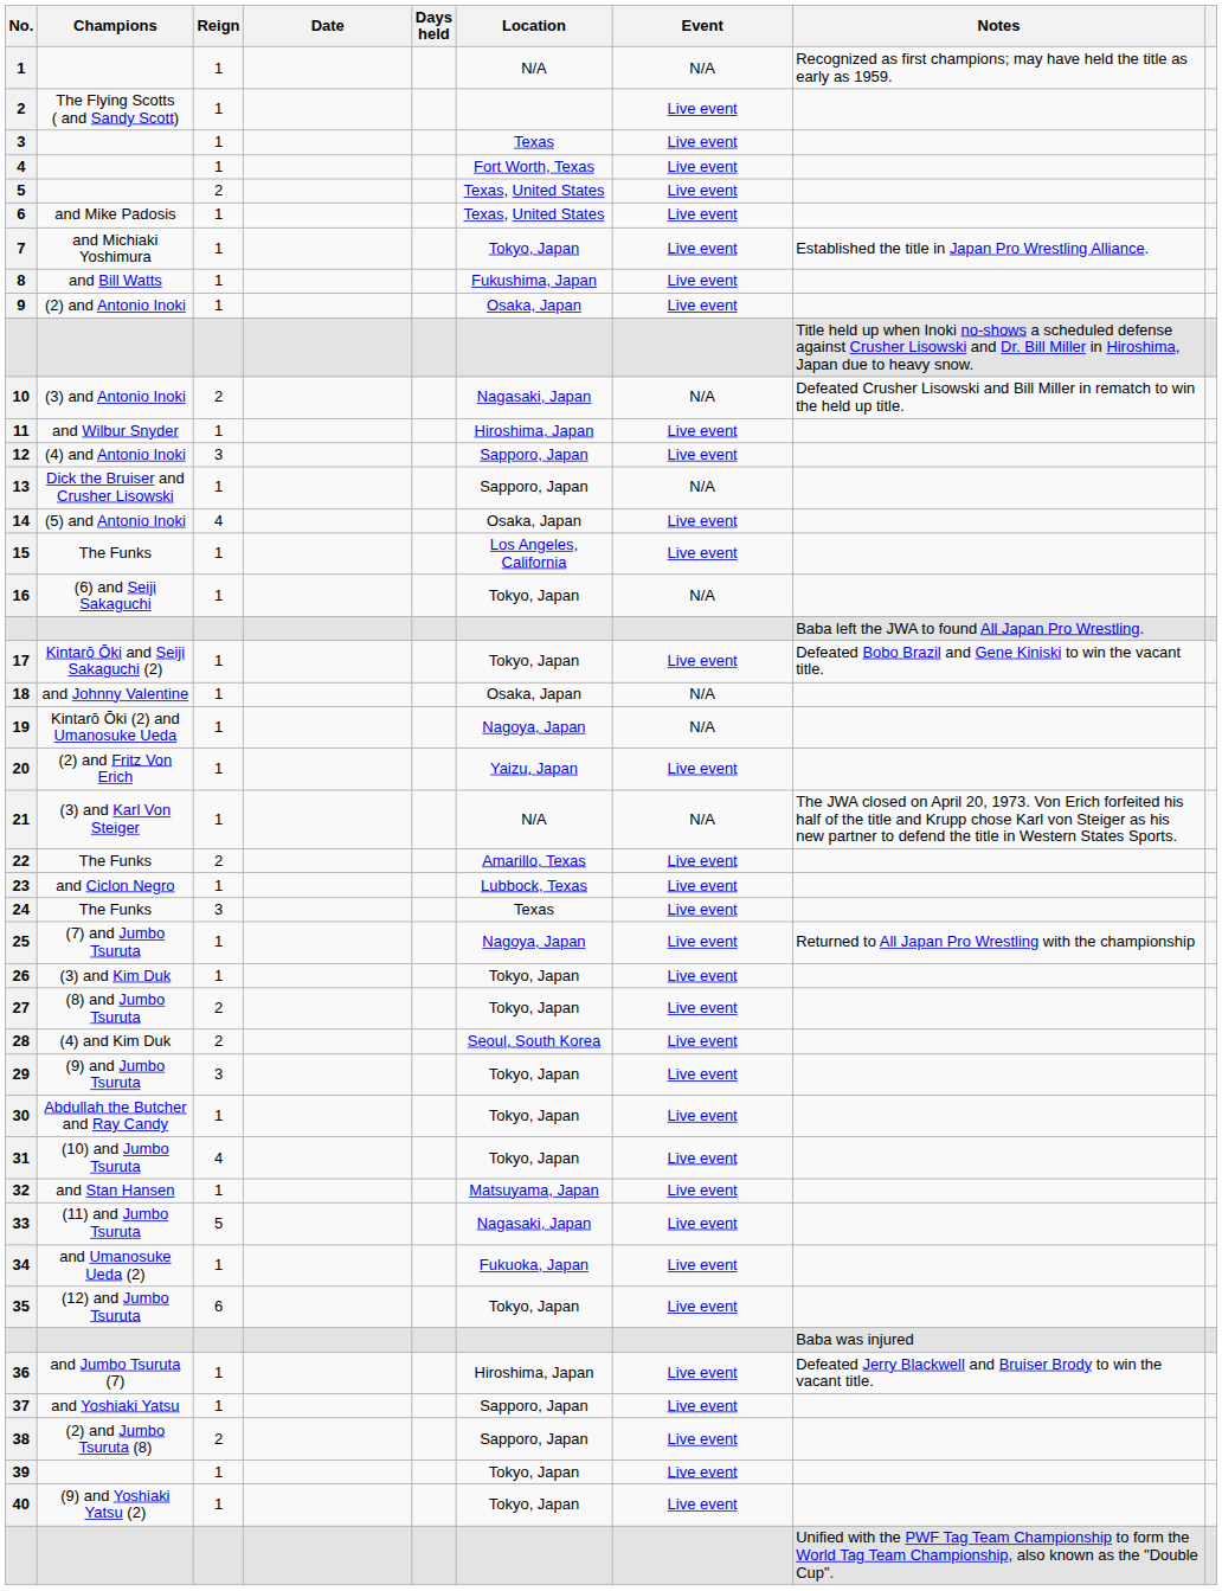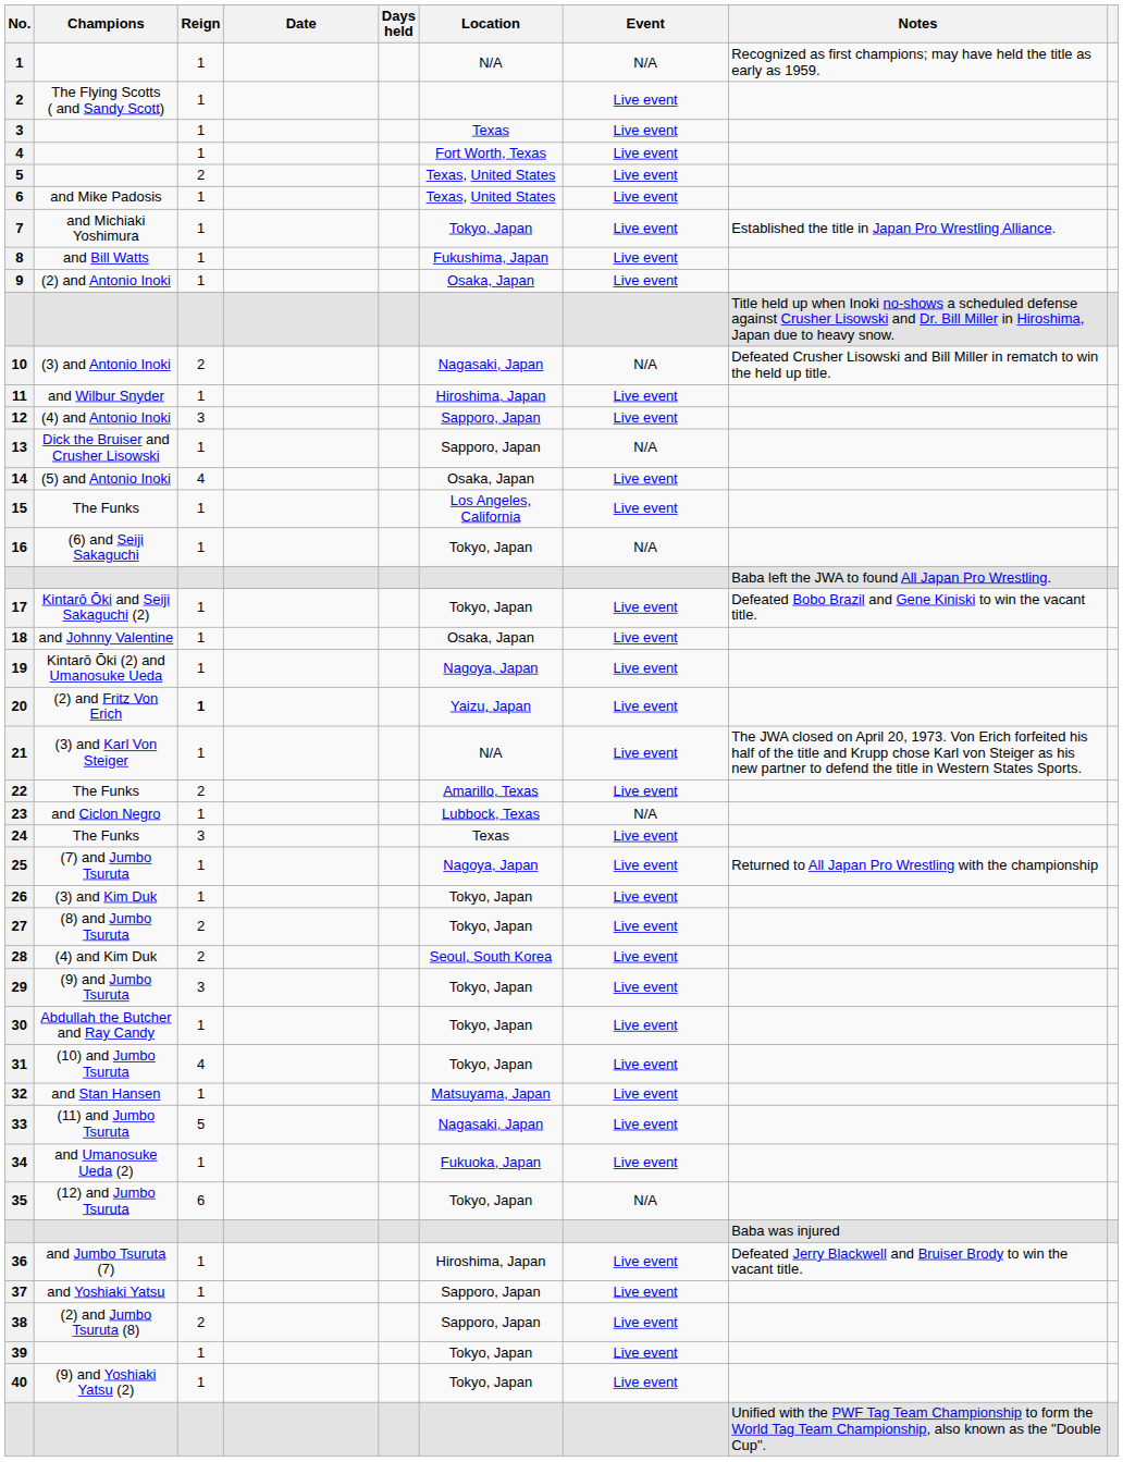 <table class="wikitable sortable" style="text-align: center" width=100%>
 <tr>
 <th width=0 data-sort-type="number" scope="col">No.</th>
 <th width=14% scope="col">Champions</th>
 <th width=0 scope="col">Reign</th>
 <th width=16% scope="col">Date</th>
 <th width=0 data-sort-type="number" scope="col">Days held</th>
 <th width=14% scope="col">Location</th>
 <th width=17% scope="col">Event</th>
 <th width=51% class="unsortable" scope="col">Notes</th>
 <th width=0 class="unsortable" scope="col"></th>
 </tr>
 <tr>
 <th scope=row>1</th>
 <td><br></td>
 <td>1</td>
 <td></td>
 <td></td>
 <td>N/A</td>
 <td>N/A</td>
 <td align=left>Recognized as first champions; may have held the title as early as 1959.</td>
 <td> </td>
 </tr>
 <tr>
 <th scope=row>2</th>
 <td>The Flying Scotts<br> ( and <a href='#'>Sandy Scott</a>)</td>
 <td>1</td>
 <td></td>
 <td></td>
 <td></td>
 <td><a href='#'>Live event</a></td>
 <td align=left> </td>
 <td> </td>
 </tr>
 <tr>
 <th scope=row>3</th>
 <td></td>
 <td>1</td>
 <td></td>
 <td></td>
 <td><a href='#'>Texas</a></td>
 <td><a href='#'>Live event</a></td>
 <td align=left> </td>
 <td> </td>
 </tr>
 <tr>
 <th scope=row>4</th>
 <td></td>
 <td>1</td>
 <td></td>
 <td></td>
 <td><a href='#'>Fort Worth, Texas</a></td>
 <td><a href='#'>Live event</a></td>
 <td align=left> </td>
 <td> </td>
 </tr>
 <tr>
 <th scope=row>5</th>
 <td></td>
 <td>2</td>
 <td></td>
 <td></td>
 <td><a href='#'>Texas</a>, <a href='#'>United States</a></td>
 <td><a href='#'>Live event</a></td>
 <td align=left> </td>
 <td> </td>
 </tr>
 <tr>
 <th scope=row>6</th>
 <td> and Mike Padosis</td>
 <td>1</td>
 <td></td>
 <td></td>
 <td><a href='#'>Texas</a>, <a href='#'>United States</a></td>
 <td><a href='#'>Live event</a></td>
 <td align=left> </td>
 <td> </td>
 </tr>
 <tr>
 <th scope=row>7</th>
 <td> and Michiaki Yoshimura</td>
 <td>1</td>
 <td></td>
 <td></td>
 <td><a href='#'>Tokyo, Japan</a></td>
 <td><a href='#'>Live event</a></td>
 <td align=left>Established the title in <a href='#'>Japan Pro Wrestling Alliance</a>.</td>
 <td> </td>
 </tr>
 <tr>
 <th scope=row>8</th>
 <td> and <a href='#'>Bill Watts</a></td>
 <td>1</td>
 <td></td>
 <td></td>
 <td><a href='#'>Fukushima, Japan</a></td>
 <td><a href='#'>Live event</a></td>
 <td align=left> </td>
 <td> </td>
 </tr>
 <tr>
 <th scope=row>9</th>
 <td> (2) and <a href='#'>Antonio Inoki</a></td>
 <td>1</td>
 <td></td>
 <td></td>
 <td><a href='#'>Osaka, Japan</a></td>
 <td><a href='#'>Live event</a></td>
 <td align=left> </td>
 <td> </td>
 </tr>
 <tr style="background-color:#e3e3e3">
 <td scope="row"></td>
 <td></td>
 <td></td>
 <td></td>
 <td></td>
 <td></td>
 <td></td>
 <td align=left>Title held up when Inoki <a href='#'>no-shows</a> a scheduled defense against <a href='#'>Crusher Lisowski</a> and <a href='#'>Dr. Bill Miller</a> in <a href='#'>Hiroshima</a>, Japan due to heavy snow.</td>
 <td> </td>
 </tr>
 <tr>
 <th scope=row>10</th>
 <td> (3) and <a href='#'>Antonio Inoki</a></td>
 <td>2</td>
 <td></td>
 <td></td>
 <td><a href='#'>Nagasaki, Japan</a></td>
 <td>N/A</td>
 <td align=left>Defeated Crusher Lisowski and Bill Miller in rematch to win the held up title.</td>
 <td> </td>
 </tr>
 <tr>
 <th scope=row>11</th>
 <td> and <a href='#'>Wilbur Snyder</a></td>
 <td>1</td>
 <td></td>
 <td></td>
 <td><a href='#'>Hiroshima, Japan</a></td>
 <td><a href='#'>Live event</a></td>
 <td align=left> </td>
 <td> </td>
 </tr>
 <tr>
 <th scope=row>12</th>
 <td> (4) and <a href='#'>Antonio Inoki</a></td>
 <td>3</td>
 <td></td>
 <td></td>
 <td><a href='#'>Sapporo, Japan</a></td>
 <td><a href='#'>Live event</a></td>
 <td align=left> </td>
 <td> </td>
 </tr>
 <tr>
 <th scope=row>13</th>
 <td><a href='#'>Dick the Bruiser</a> and <a href='#'>Crusher Lisowski</a></td>
 <td>1</td>
 <td></td>
 <td></td>
 <td>Sapporo, Japan</td>
 <td>N/A</td>
 <td align=left> </td>
 <td> </td>
 </tr>
 <tr>
 <th scope=row>14</th>
 <td> (5) and <a href='#'>Antonio Inoki</a></td>
 <td>4</td>
 <td></td>
 <td></td>
 <td>Osaka, Japan</td>
 <td><a href='#'>Live event</a></td>
 <td align=left> </td>
 <td> </td>
 </tr>
 <tr>
 <th scope=row>15</th>
 <td>The Funks<br></td>
 <td>1</td>
 <td></td>
 <td></td>
 <td><a href='#'>Los Angeles, California</a></td>
 <td><a href='#'>Live event</a></td>
 <td align=left> </td>
 <td> </td>
 </tr>
 <tr>
 <th scope=row>16</th>
 <td> (6) and <a href='#'>Seiji Sakaguchi</a></td>
 <td>1</td>
 <td></td>
 <td></td>
 <td>Tokyo, Japan</td>
 <td>N/A</td>
 <td align=left> </td>
 <td> </td>
 </tr>
 <tr style="background-color:#e3e3e3">
 <td scope="row"></td>
 <td></td>
 <td></td>
 <td></td>
 <td></td>
 <td></td>
 <td></td>
 <td align=left>Baba left the JWA to found <a href='#'>All Japan Pro Wrestling</a>.</td>
 <td> </td>
 </tr>
 <tr>
 <th scope=row>17</th>
 <td><a href='#'>Kintarō Ōki</a> and <a href='#'>Seiji Sakaguchi</a> (2)</td>
 <td>1</td>
 <td></td>
 <td></td>
 <td>Tokyo, Japan</td>
 <td><a href='#'>Live event</a></td>
 <td align=left>Defeated <a href='#'>Bobo Brazil</a> and <a href='#'>Gene Kiniski</a> to win the vacant title.</td>
 <td> </td>
 </tr>
 <tr>
 <th scope=row>18</th>
 <td> and <a href='#'>Johnny Valentine</a></td>
 <td>1</td>
 <td></td>
 <td></td>
 <td>Osaka, Japan</td>
-<td>N/A</td>
+<td><a href='#'>Live event</a></td>
 <td align=left> </td>
 <td></td>
 </tr>
 <tr>
 <th scope=row>19</th>
 <td>Kintarō Ōki (2) and <a href='#'>Umanosuke Ueda</a></td>
 <td>1</td>
 <td></td>
 <td></td>
 <td><a href='#'>Nagoya, Japan</a></td>
-<td>N/A</td>
+<td><a href='#'>Live event</a></td>
 <td align=left> </td>
 <td> </td>
 </tr>
 <tr>
 <th scope=row>20</th>
 <td> (2) and <a href='#'>Fritz Von Erich</a></td>
-<td>1</td>
+<td><strong>1</strong></td>
 <td></td>
 <td></td>
 <td><a href='#'>Yaizu, Japan</a></td>
 <td><a href='#'>Live event</a></td>
 <td align=left> </td>
 <td> </td>
 </tr>
 <tr>
 <th scope=row>21</th>
 <td> (3) and <a href='#'>Karl Von Steiger</a></td>
 <td>1</td>
 <td></td>
 <td></td>
 <td>N/A</td>
-<td>N/A</td>
+<td><a href='#'>Live event</a></td>
 <td align=left>The JWA closed on April 20, 1973. Von Erich forfeited his half of the title and Krupp chose Karl von Steiger as his new partner to defend the title in Western States Sports.</td>
 <td> </td>
 </tr>
 <tr>
 <th scope=row>22</th>
 <td>The Funks<br></td>
 <td>2</td>
 <td></td>
 <td></td>
 <td><a href='#'>Amarillo, Texas</a></td>
 <td><a href='#'>Live event</a></td>
 <td align=left> </td>
 <td> </td>
 </tr>
 <tr>
 <th scope=row>23</th>
 <td> and <a href='#'>Ciclon Negro</a></td>
 <td>1</td>
 <td></td>
 <td></td>
 <td><a href='#'>Lubbock, Texas</a></td>
-<td><a href='#'>Live event</a></td>
+<td>N/A</td>
 <td align=left> </td>
 <td> </td>
 </tr>
 <tr>
 <th scope=row>24</th>
 <td>The Funks<br></td>
 <td>3</td>
 <td></td>
 <td></td>
 <td>Texas</td>
 <td><a href='#'>Live event</a></td>
 <td align=left> </td>
 <td> </td>
 </tr>
 <tr>
 <th scope=row>25</th>
 <td> (7) and <a href='#'>Jumbo Tsuruta</a></td>
 <td>1</td>
 <td></td>
 <td></td>
 <td><a href='#'>Nagoya, Japan</a></td>
 <td><a href='#'>Live event</a></td>
 <td align=left>Returned to <a href='#'>All Japan Pro Wrestling</a> with the championship</td>
 <td> </td>
 </tr>
 <tr>
 <th scope=row>26</th>
 <td> (3) and <a href='#'>Kim Duk</a></td>
 <td>1</td>
 <td></td>
 <td></td>
 <td>Tokyo, Japan</td>
 <td><a href='#'>Live event</a></td>
 <td align=left> </td>
 <td> </td>
 </tr>
 <tr>
 <th scope=row>27</th>
 <td> (8) and <a href='#'>Jumbo Tsuruta</a></td>
 <td>2</td>
 <td></td>
 <td></td>
 <td>Tokyo, Japan</td>
 <td><a href='#'>Live event</a></td>
 <td align=left> </td>
 <td> </td>
 </tr>
 <tr>
 <th scope=row>28</th>
 <td> (4) and Kim Duk</td>
 <td>2</td>
 <td></td>
 <td></td>
 <td><a href='#'>Seoul, South Korea</a></td>
 <td><a href='#'>Live event</a></td>
 <td align=left> </td>
 <td> </td>
 </tr>
 <tr>
 <th scope=row>29</th>
 <td> (9) and <a href='#'>Jumbo Tsuruta</a></td>
 <td>3</td>
 <td></td>
 <td></td>
 <td>Tokyo, Japan</td>
 <td><a href='#'>Live event</a></td>
 <td align=left> </td>
 <td></td>
 </tr>
 <tr>
 <th scope=row>30</th>
 <td><a href='#'>Abdullah the Butcher</a> and <a href='#'>Ray Candy</a></td>
 <td>1</td>
 <td></td>
 <td></td>
 <td>Tokyo, Japan</td>
 <td><a href='#'>Live event</a></td>
 <td align=left> </td>
 <td> </td>
 </tr>
 <tr>
 <th scope=row>31</th>
 <td> (10) and <a href='#'>Jumbo Tsuruta</a></td>
 <td>4</td>
 <td></td>
 <td></td>
 <td>Tokyo, Japan</td>
 <td><a href='#'>Live event</a></td>
 <td align=left> </td>
 <td> </td>
 </tr>
 <tr>
 <th scope=row>32</th>
 <td> and <a href='#'>Stan Hansen</a></td>
 <td>1</td>
 <td></td>
 <td></td>
 <td><a href='#'>Matsuyama, Japan</a></td>
 <td><a href='#'>Live event</a></td>
 <td align=left> </td>
 <td> </td>
 </tr>
 <tr>
 <th scope=row>33</th>
 <td> (11) and <a href='#'>Jumbo Tsuruta</a></td>
 <td>5</td>
 <td></td>
 <td></td>
 <td><a href='#'>Nagasaki, Japan</a></td>
 <td><a href='#'>Live event</a></td>
 <td align=left> </td>
 <td></td>
 </tr>
 <tr>
 <th scope=row>34</th>
 <td> and <a href='#'>Umanosuke Ueda</a> (2)</td>
 <td>1</td>
 <td></td>
 <td></td>
 <td><a href='#'>Fukuoka, Japan</a></td>
 <td><a href='#'>Live event</a></td>
 <td align=left> </td>
 <td> </td>
 </tr>
 <tr>
 <th scope=row>35</th>
 <td> (12) and <a href='#'>Jumbo Tsuruta</a></td>
 <td>6</td>
 <td></td>
 <td></td>
 <td>Tokyo, Japan</td>
-<td><a href='#'>Live event</a></td>
+<td>N/A</td>
 <td align=left> </td>
 <td> </td>
 </tr>
 <tr style="background-color:#e3e3e3">
 <td scope="row"></td>
 <td></td>
 <td></td>
 <td></td>
 <td></td>
 <td></td>
 <td></td>
 <td align=left>Baba was injured</td>
 <td> </td>
 </tr>
 <tr>
 <th scope=row>36</th>
 <td> and <a href='#'>Jumbo Tsuruta</a> (7)</td>
 <td>1</td>
 <td></td>
 <td></td>
 <td>Hiroshima, Japan</td>
 <td><a href='#'>Live event</a></td>
 <td align=left>Defeated <a href='#'>Jerry Blackwell</a> and <a href='#'>Bruiser Brody</a> to win the vacant title.</td>
 <td></td>
 </tr>
 <tr>
 <th scope=row>37</th>
 <td> and <a href='#'>Yoshiaki Yatsu</a></td>
 <td>1</td>
 <td></td>
 <td></td>
 <td>Sapporo, Japan</td>
 <td><a href='#'>Live event</a></td>
 <td align=left> </td>
 <td> </td>
 </tr>
 <tr>
 <th scope=row>38</th>
 <td> (2) and <a href='#'>Jumbo Tsuruta</a> (8)</td>
 <td>2</td>
 <td></td>
 <td></td>
 <td>Sapporo, Japan</td>
 <td><a href='#'>Live event</a></td>
 <td align=left> </td>
 <td> </td>
 </tr>
 <tr>
 <th scope=row>39</th>
 <td><br></td>
 <td>1</td>
 <td></td>
 <td></td>
 <td>Tokyo, Japan</td>
 <td><a href='#'>Live event</a></td>
 <td align=left> </td>
 <td> </td>
 </tr>
 <tr>
 <th scope=row>40</th>
 <td> (9) and <a href='#'>Yoshiaki Yatsu</a> (2)</td>
 <td>1</td>
 <td></td>
 <td></td>
 <td>Tokyo, Japan</td>
 <td><a href='#'>Live event</a></td>
 <td align=left> </td>
 <td></td>
 </tr>
 <tr style="background-color:#e3e3e3">
 <td scope="row"></td>
 <td></td>
 <td></td>
 <td></td>
 <td></td>
 <td></td>
 <td></td>
 <td align=left>Unified with the <a href='#'>PWF Tag Team Championship</a> to form the <a href='#'>World Tag Team Championship</a>, also known as the "Double Cup".</td>
 <td></td>
 </tr>
 </table>
